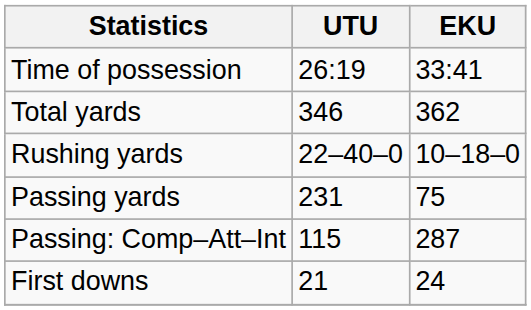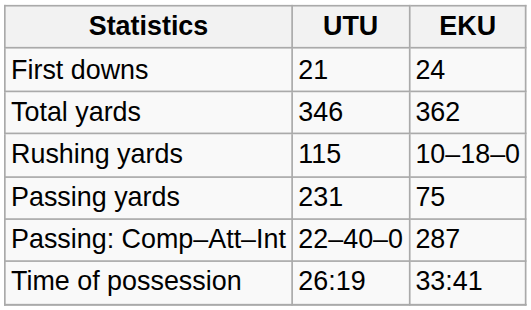 <table class="wikitable" style="float: left;">
 <tr>
 <th>Statistics</th>
 <th>UTU</th>
 <th>EKU</th>
 </tr>
 <tr>
-<td>Time of possession</td>
-<td>26:19</td>
-<td>33:41</td>
+<td>First downs</td>
+<td>21</td>
+<td>24</td>
 </tr>
 <tr>
 <td>Total yards</td>
 <td>346</td>
 <td>362</td>
 </tr>
 <tr>
 <td>Rushing yards</td>
-<td>22–40–0</td>
+<td>115</td>
 <td>10–18–0</td>
 </tr>
 <tr>
 <td>Passing yards</td>
 <td>231</td>
 <td>75</td>
 </tr>
 <tr>
 <td>Passing: Comp–Att–Int</td>
-<td>115</td>
+<td>22–40–0</td>
 <td>287</td>
 </tr>
 <tr>
-<td>First downs</td>
-<td>21</td>
-<td>24</td>
+<td>Time of possession</td>
+<td>26:19</td>
+<td>33:41</td>
 </tr>
 <tr>
 </tr>
 </table>
